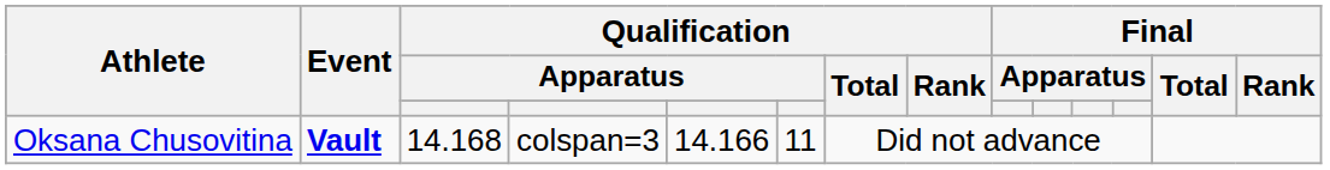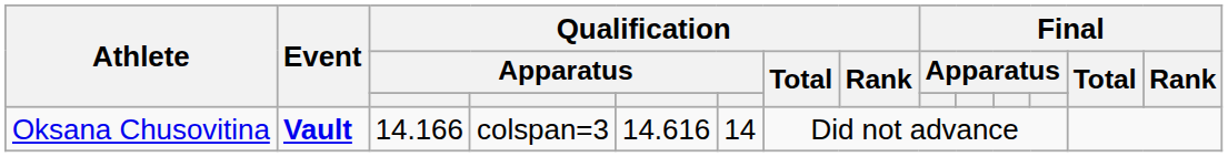 <table class="wikitable" style="font-size:90%">
 <tr>
 <th rowspan=3>Athlete</th>
 <th rowspan=3>Event</th>
 <th colspan=6>Qualification</th>
 <th colspan=6>Final</th>
 </tr>
 <tr style="font-size:95%">
 <th colspan=4>Apparatus</th>
 <th rowspan=2>Total</th>
 <th rowspan=2>Rank</th>
 <th colspan=4>Apparatus</th>
 <th rowspan=2>Total</th>
 <th rowspan=2>Rank</th>
 </tr>
 <tr style="font-size:95%">
 <th></th>
 <th></th>
 <th></th>
 <th></th>
 <th></th>
 <th></th>
 <th></th>
 <th></th>
 </tr>
 <tr align=center>
 <td align=left><a href='#'>Oksana Chusovitina</a></td>
 <td align=left><strong><a href='#'>Vault</a></strong></td>
-<td>14.168</td>
+<td>14.166</td>
 <td>colspan=3 </td>
-<td>14.166</td>
-<td>11</td>
+<td>14.616</td>
+<td>14</td>
 <td colspan=6>Did not advance</td>
 </tr>
 </table>
